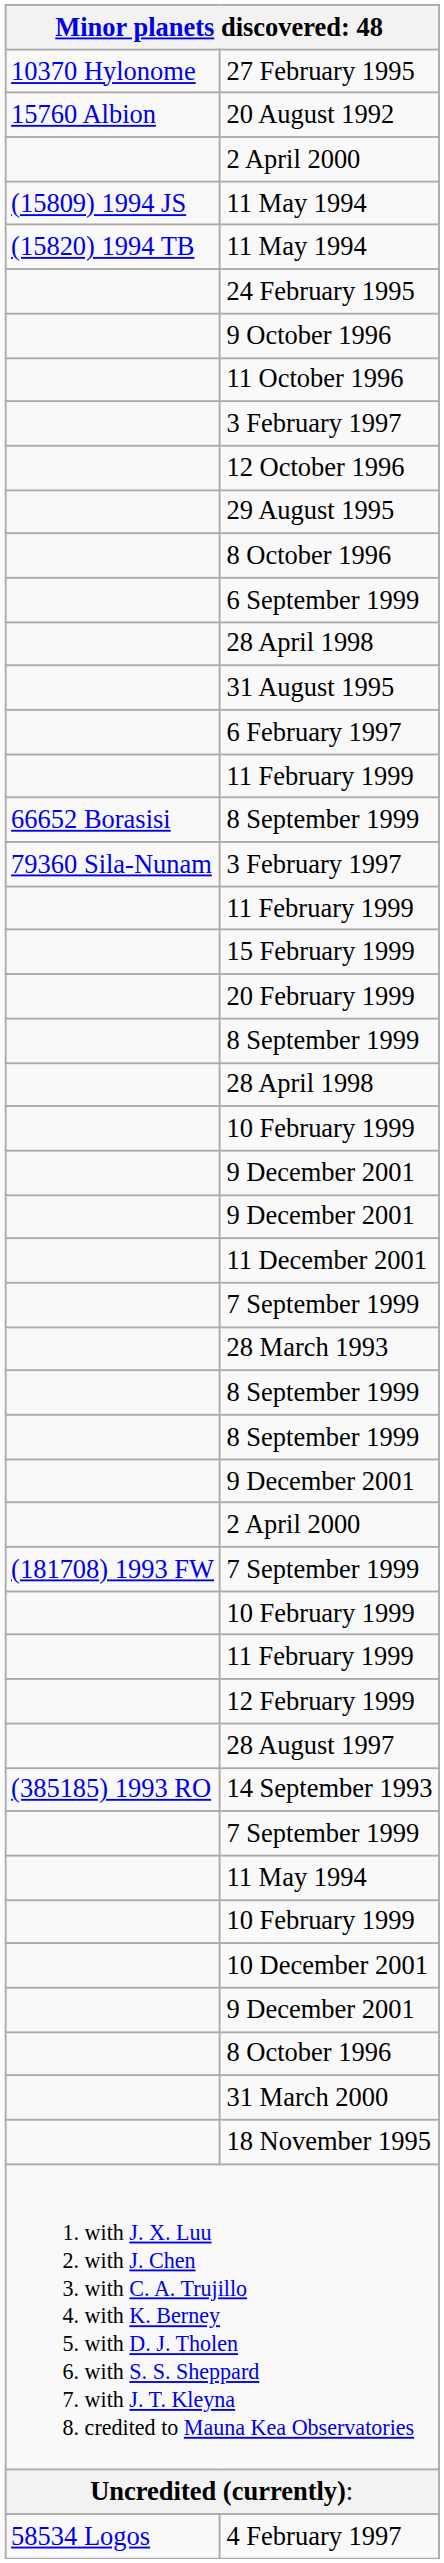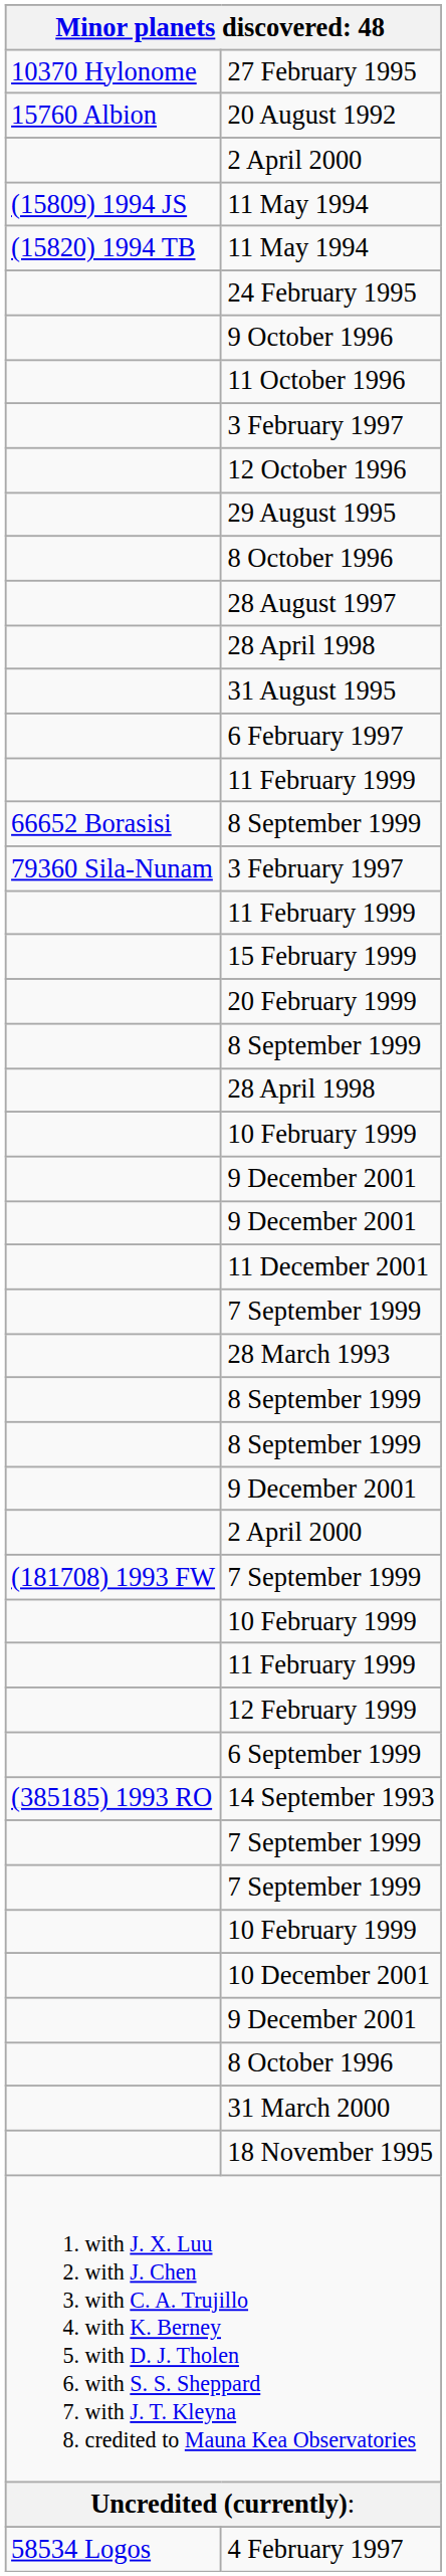 <table class="wikitable collapsible" align="right" style="margin: 1em; margin-top: 0; font-size:89%">
 <tr>
 <th colspan="2" style="white-space: nowrap;"><a href='#'>Minor planets</a> discovered: 48 </th>
 </tr>
 <tr>
 <td><a href='#'>10370 Hylonome</a></td>
 <td>27 February 1995</td>
 </tr>
 <tr>
 <td><a href='#'>15760 Albion</a></td>
 <td>20 August 1992</td>
 </tr>
 <tr>
 <td></td>
 <td>2 April 2000</td>
 </tr>
 <tr>
 <td><a href='#'>(15809) 1994 JS</a></td>
 <td>11 May 1994</td>
 </tr>
 <tr>
 <td><a href='#'>(15820) 1994 TB</a></td>
 <td>11 May 1994</td>
 </tr>
 <tr>
 <td></td>
 <td>24 February 1995</td>
 </tr>
 <tr>
 <td></td>
 <td>9 October 1996</td>
 </tr>
 <tr>
 <td></td>
 <td>11 October 1996</td>
 </tr>
 <tr>
 <td></td>
 <td>3 February 1997</td>
 </tr>
 <tr>
 <td></td>
 <td>12 October 1996</td>
 </tr>
 <tr>
 <td></td>
 <td>29 August 1995</td>
 </tr>
 <tr>
 <td></td>
 <td>8 October 1996</td>
 </tr>
 <tr>
 <td></td>
-<td>6 September 1999</td>
+<td>28 August 1997</td>
 </tr>
 <tr>
 <td></td>
 <td>28 April 1998</td>
 </tr>
 <tr>
 <td></td>
 <td>31 August 1995</td>
 </tr>
 <tr>
 <td></td>
 <td>6 February 1997</td>
 </tr>
 <tr>
 <td></td>
 <td>11 February 1999</td>
 </tr>
 <tr>
 <td><a href='#'>66652 Borasisi</a></td>
 <td>8 September 1999</td>
 </tr>
 <tr>
 <td><a href='#'>79360 Sila-Nunam</a></td>
 <td>3 February 1997</td>
 </tr>
 <tr>
 <td></td>
 <td>11 February 1999</td>
 </tr>
 <tr>
 <td></td>
 <td>15 February 1999</td>
 </tr>
 <tr>
 <td></td>
 <td>20 February 1999</td>
 </tr>
 <tr>
 <td></td>
 <td>8 September 1999</td>
 </tr>
 <tr>
 <td></td>
 <td>28 April 1998</td>
 </tr>
 <tr>
 <td></td>
 <td>10 February 1999</td>
 </tr>
 <tr>
 <td></td>
 <td>9 December 2001</td>
 </tr>
 <tr>
 <td></td>
 <td>9 December 2001</td>
 </tr>
 <tr>
 <td></td>
 <td>11 December 2001</td>
 </tr>
 <tr>
 <td></td>
 <td>7 September 1999</td>
 </tr>
 <tr>
 <td></td>
 <td>28 March 1993</td>
 </tr>
 <tr>
 <td></td>
 <td>8 September 1999</td>
 </tr>
 <tr>
 <td></td>
 <td>8 September 1999</td>
 </tr>
 <tr>
 <td></td>
 <td>9 December 2001</td>
 </tr>
 <tr>
 <td></td>
 <td>2 April 2000</td>
 </tr>
 <tr>
 <td><a href='#'>(181708) 1993 FW</a></td>
 <td>7 September 1999</td>
 </tr>
 <tr>
 <td></td>
 <td>10 February 1999</td>
 </tr>
 <tr>
 <td></td>
 <td>11 February 1999</td>
 </tr>
 <tr>
 <td></td>
 <td>12 February 1999</td>
 </tr>
 <tr>
 <td></td>
-<td>28 August 1997</td>
+<td>6 September 1999</td>
 </tr>
 <tr>
 <td><a href='#'>(385185) 1993 RO</a></td>
 <td>14 September 1993</td>
 </tr>
 <tr>
 <td></td>
 <td>7 September 1999</td>
 </tr>
 <tr>
 <td></td>
-<td>11 May 1994</td>
+<td>7 September 1999</td>
 </tr>
 <tr>
 <td> </td>
 <td>10 February 1999</td>
 </tr>
 <tr>
 <td> </td>
 <td>10 December 2001</td>
 </tr>
 <tr>
 <td> </td>
 <td>9 December 2001</td>
 </tr>
 <tr>
 <td> </td>
 <td>8 October 1996</td>
 </tr>
 <tr>
 <td> </td>
 <td>31 March 2000</td>
 </tr>
 <tr>
 <td> </td>
 <td>18 November 1995</td>
 </tr>
 <tr>
 <td colspan="2" style="font-size: smaller;"><br><ol><li> with <a href='#'>J. X. Luu</a></li><li> with <a href='#'>J. Chen</a></li><li> with <a href='#'>C. A. Trujillo</a></li><li> with <a href='#'>K. Berney</a></li><li> with <a href='#'>D. J. Tholen</a></li><li> with <a href='#'>S. S. Sheppard</a></li><li> with <a href='#'>J. T. Kleyna</a></li><li> credited to <a href='#'>Mauna Kea Observatories</a></li></ol></td>
 </tr>
 <tr>
 <td colspan=2 bgcolor="#f2f2f2" align=center><strong>Uncredited (currently)</strong>:</td>
 </tr>
 <tr>
 <td><a href='#'>58534 Logos</a></td>
 <td>4 February 1997</td>
 </tr>
 </table>
